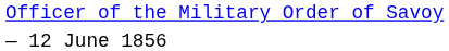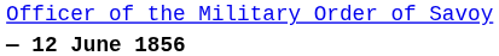 <table>
 <tr>
 <td rowspan=2 style="width:60px; vertical-align:top;"></td>
 <td><a href='#'>Officer of the Military Order of Savoy</a></td>
 </tr>
 <tr>
-<td>— 12 June 1856</td>
+<td><strong>— 12 June 1856</strong></td>
 </tr>
 </table>
